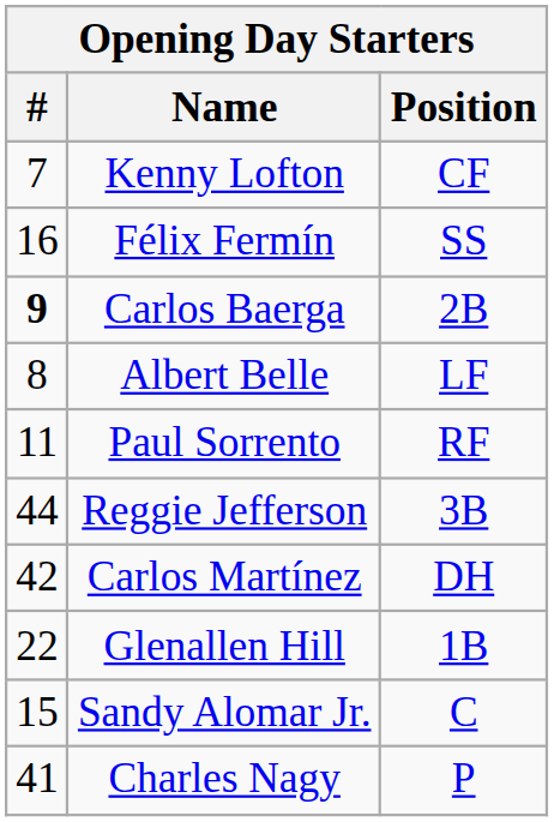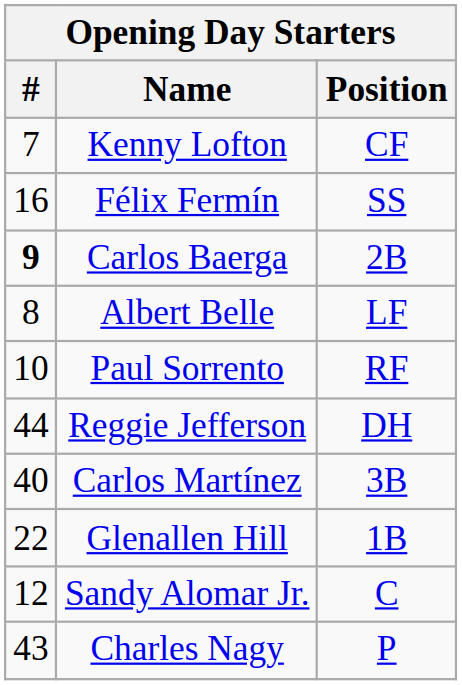 <table class="wikitable" style="text-align:center">
 <tr>
 <th colspan="3">Opening Day Starters</th>
 </tr>
 <tr>
 <th>#</th>
 <th>Name</th>
 <th>Position</th>
 </tr>
 <tr>
 <td>7</td>
 <td><a href='#'>Kenny Lofton</a></td>
 <td><a href='#'>CF</a></td>
 </tr>
 <tr>
 <td>16</td>
 <td><a href='#'>Félix Fermín</a></td>
 <td><a href='#'>SS</a></td>
 </tr>
 <tr>
 <td><strong>9</strong></td>
 <td><a href='#'>Carlos Baerga</a></td>
 <td><a href='#'>2B</a></td>
 </tr>
 <tr>
 <td>8</td>
 <td><a href='#'>Albert Belle</a></td>
 <td><a href='#'>LF</a></td>
 </tr>
 <tr>
-<td>11</td>
+<td>10</td>
 <td><a href='#'>Paul Sorrento</a></td>
 <td><a href='#'>RF</a></td>
 </tr>
 <tr>
 <td>44</td>
 <td><a href='#'>Reggie Jefferson</a></td>
-<td><a href='#'>3B</a></td>
+<td><a href='#'>DH</a></td>
 </tr>
 <tr>
-<td>42</td>
+<td>40</td>
 <td><a href='#'>Carlos Martínez</a></td>
-<td><a href='#'>DH</a></td>
+<td><a href='#'>3B</a></td>
 </tr>
 <tr>
 <td>22</td>
 <td><a href='#'>Glenallen Hill</a></td>
 <td><a href='#'>1B</a></td>
 </tr>
 <tr>
-<td>15</td>
+<td>12</td>
 <td><a href='#'>Sandy Alomar Jr.</a></td>
 <td><a href='#'>C</a></td>
 </tr>
 <tr>
-<td>41</td>
+<td>43</td>
 <td><a href='#'>Charles Nagy</a></td>
 <td><a href='#'>P</a></td>
 </tr>
 </table>
